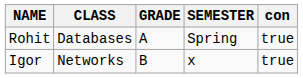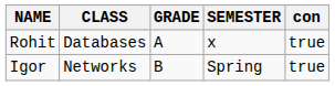 <table class="wikitable" style="margin-left: auto; margin-right: auto; border: none; font-family:monospace;">
 <tr>
 <th>NAME</th>
 <th>CLASS</th>
 <th>GRADE</th>
 <th>SEMESTER</th>
 <th>con</th>
 </tr>
 <tr>
 <td>Rohit</td>
 <td>Databases</td>
 <td>A</td>
-<td>Spring</td>
+<td>x</td>
 <td>true</td>
 </tr>
 <tr>
 <td>Igor</td>
 <td>Networks</td>
 <td>B</td>
-<td>x</td>
+<td>Spring</td>
 <td>true</td>
 </tr>
 <tr>
 </tr>
 </table>
